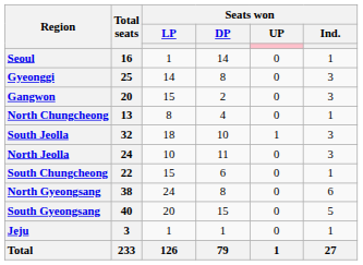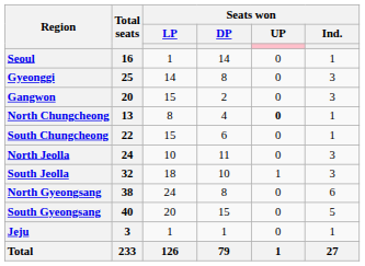 <table class="wikitable" style="text-align:center; font-size: 0.9em">
 <tr>
 <th rowspan="3">Region</th>
 <th rowspan="3">Total<br>seats</th>
 <th colspan="4">Seats won</th>
 </tr>
 <tr>
 <th class="unsortable" style="width:60px"><a href='#'>LP</a></th>
 <th class="unsortable" style="width:60px"><a href='#'>DP</a></th>
 <th class="unsortable" style="width:60px">UP</th>
 <th class="unsortable" style="width:60px">Ind.</th>
 </tr>
 <tr>
 <th style="background:"></th>
 <th style="background:"></th>
 <th style="background:pink"></th>
 <th style="background:"></th>
 </tr>
 <tr>
 <th style="text-align: left"><a href='#'>Seoul</a></th>
 <th>16</th>
 <td>1</td>
 <td>14</td>
 <td>0</td>
 <td>1</td>
 </tr>
 <tr>
 <th style="text-align: left"><a href='#'>Gyeonggi</a></th>
 <th>25</th>
 <td>14</td>
 <td>8</td>
 <td>0</td>
 <td>3</td>
 </tr>
 <tr>
 <th style="text-align: left"><a href='#'>Gangwon</a></th>
 <th>20</th>
 <td>15</td>
 <td>2</td>
 <td>0</td>
 <td>3</td>
 </tr>
 <tr>
 <th style="text-align: left"><a href='#'>North Chungcheong</a></th>
 <th>13</th>
 <td>8</td>
 <td>4</td>
-<td>0</td>
+<td><strong>0</strong></td>
 <td>1</td>
 </tr>
 <tr>
-<th style="text-align: left"><a href='#'>South Jeolla</a></th>
-<th>32</th>
-<td>18</td>
-<td>10</td>
+<th style="text-align: left"><a href='#'>South Chungcheong</a></th>
+<th>22</th>
+<td>15</td>
+<td>6</td>
+<td>0</td>
 <td>1</td>
-<td>3</td>
 </tr>
 <tr>
 <th style="text-align: left"><a href='#'>North Jeolla</a></th>
 <th>24</th>
 <td>10</td>
 <td>11</td>
 <td>0</td>
 <td>3</td>
 </tr>
 <tr>
-<th style="text-align: left"><a href='#'>South Chungcheong</a></th>
-<th>22</th>
-<td>15</td>
-<td>6</td>
-<td>0</td>
+<th style="text-align: left"><a href='#'>South Jeolla</a></th>
+<th>32</th>
+<td>18</td>
+<td>10</td>
 <td>1</td>
+<td>3</td>
 </tr>
 <tr>
 <th style="text-align: left"><a href='#'>North Gyeongsang</a></th>
 <th>38</th>
 <td>24</td>
 <td>8</td>
 <td>0</td>
 <td>6</td>
 </tr>
 <tr>
 <th style="text-align: left"><a href='#'>South Gyeongsang</a></th>
 <th>40</th>
 <td>20</td>
 <td>15</td>
 <td>0</td>
 <td>5</td>
 </tr>
 <tr>
 <th style="text-align: left"><a href='#'>Jeju</a></th>
 <th>3</th>
 <td>1</td>
 <td>1</td>
 <td>0</td>
 <td>1</td>
 </tr>
 <tr class="sortbottom">
 <th style="text-align: left">Total</th>
 <th>233</th>
 <th>126</th>
 <th>79</th>
 <th>1</th>
 <th>27</th>
 </tr>
 </table>
